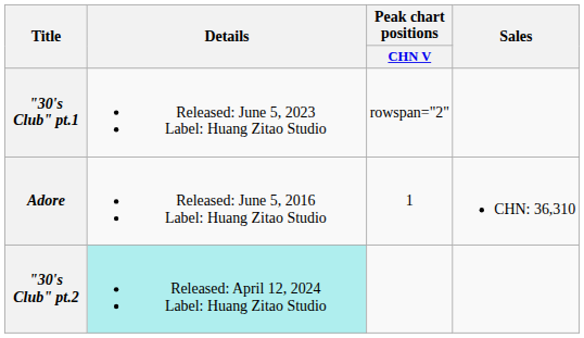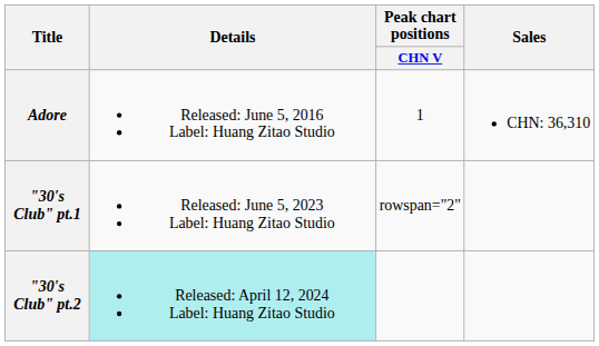 <table class="wikitable plainrowheaders" style="text-align:center;">
 <tr>
 <th scope="col" rowspan="2" style="width:5em;">Title</th>
 <th scope="col" rowspan="2" style="width:18em;">Details</th>
 <th scope="col">Peak chart positions</th>
 <th scope="col" rowspan="2">Sales</th>
 </tr>
 <tr>
 <th scope="col" style="width:3em;font-size:90%;"><a href='#'>CHN V</a><br></th>
 </tr>
 <tr>
+<th scope="row"><em>Adore</em></th>
+<td><br><ul><li>Released: June 5, 2016</li><li>Label: Huang Zitao Studio</li></ul></td>
+<td>1</td>
+<td><br><ul><li>CHN: 36,310</li></ul></td>
+</tr>
+<tr>
 <th scope="row"><em>"30's Club" pt.1</em></th>
 <td><br><ul><li>Released: June 5, 2023</li><li>Label: Huang Zitao Studio</li></ul></td>
 <td>rowspan="2" </td>
 <td></td>
-</tr>
-<tr>
-<th scope="row"><em>Adore</em></th>
-<td><br><ul><li>Released: June 5, 2016</li><li>Label: Huang Zitao Studio</li></ul></td>
-<td>1</td>
-<td><br><ul><li>CHN: 36,310</li></ul></td>
 </tr>
 <tr>
 <th scope="row"><em>"30's Club" pt.2</em></th>
 <td style="background: paleturquoise;"><br><ul><li>Released: April 12, 2024</li><li>Label: Huang Zitao Studio</li></ul></td>
 <td></td>
 </tr>
 </table>
